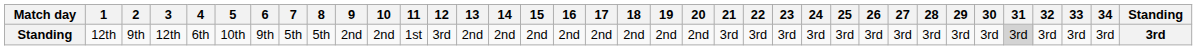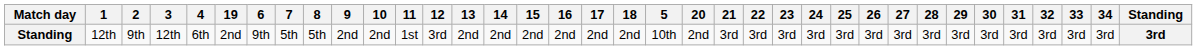 <table class="wikitable" style="width:100%; font-size:85%;">
 <tr valign=top>
 <th align=center>Match day</th>
 <th align=center>1</th>
 <th align=center>2</th>
 <th align=center>3</th>
 <th align=center>4</th>
-<th align=center>5</th>
+<th align=center>19</th>
 <th align=center>6</th>
 <th align=center>7</th>
 <th align=center>8</th>
 <th align=center>9</th>
 <th align=center>10</th>
 <th align=center>11</th>
 <th align=center>12</th>
 <th align=center>13</th>
 <th align=center>14</th>
 <th align=center>15</th>
 <th align=center>16</th>
 <th align=center>17</th>
 <th align=center>18</th>
-<th align=center>19</th>
+<th align=center>5</th>
 <th align=center>20</th>
 <th align=center>21</th>
 <th align=center>22</th>
 <th align=center>23</th>
 <th align=center>24</th>
 <th align=center>25</th>
 <th align=center>26</th>
 <th align=center>27</th>
 <th align=center>28</th>
 <th align=center>29</th>
 <th align=center>30</th>
 <th align=center>31</th>
 <th align=center>32</th>
 <th align=center>33</th>
 <th align=center>34</th>
 <th align=center><strong>Standing</strong></th>
 </tr>
 <tr>
 <th align=center>Standing</th>
 <td align=center>12th</td>
 <td align=center>9th</td>
 <td align=center>12th</td>
 <td align=center>6th</td>
-<td align=center>10th</td>
+<td align=center>2nd</td>
 <td align=center>9th</td>
 <td align=center>5th</td>
 <td align=center>5th</td>
 <td align=center>2nd</td>
 <td align=center>2nd</td>
 <td align=center>1st</td>
 <td align=center>3rd</td>
 <td align=center>2nd</td>
 <td align=center>2nd</td>
 <td align=center>2nd</td>
 <td align=center>2nd</td>
 <td align=center>2nd</td>
 <td align=center>2nd</td>
-<td align=center>2nd</td>
+<td align=center>10th</td>
 <td align=center>2nd</td>
 <td align=center>3rd</td>
 <td align=center>3rd</td>
 <td align=center>3rd</td>
 <td align=center>3rd</td>
 <td align=center>3rd</td>
 <td align=center>3rd</td>
 <td align=center>3rd</td>
 <td align=center>3rd</td>
 <td align=center>3rd</td>
 <td align=center>3rd</td>
-<td align=center style="background: lightgrey;">3rd</td>
+<td align=center>3rd</td>
 <td align=center>3rd</td>
 <td align=center>3rd</td>
 <td align=center>3rd</td>
 <th align=center><strong>3rd</strong></th>
 </tr>
 </table>
